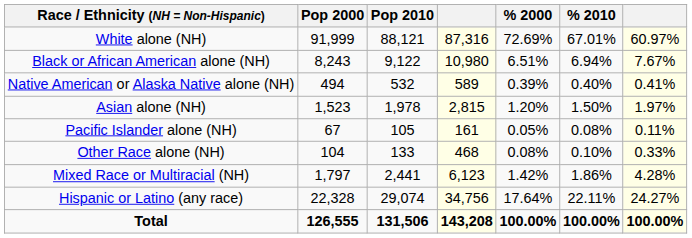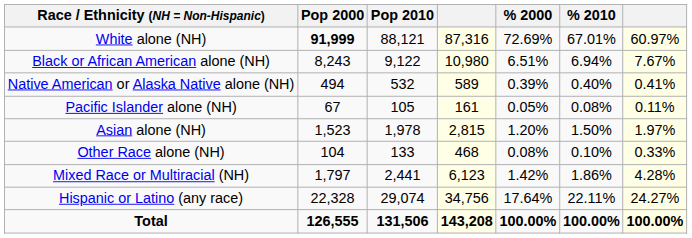 <table class="wikitable" style="text-align:center;">
 <tr>
 <th>Race / Ethnicity <small>(<em>NH = Non-Hispanic</em>)</small></th>
 <th>Pop 2000</th>
 <th>Pop 2010</th>
 <th></th>
 <th>% 2000</th>
 <th>% 2010</th>
 <th></th>
 </tr>
 <tr>
 <td><a href='#'>White</a> alone (NH)</td>
-<td>91,999</td>
+<td><strong>91,999</strong></td>
 <td>88,121</td>
 <td style='background: #ffffe6;'>87,316</td>
 <td>72.69%</td>
 <td>67.01%</td>
 <td style='background: #ffffe6;'>60.97%</td>
 </tr>
 <tr>
 <td><a href='#'>Black or African American</a> alone (NH)</td>
 <td>8,243</td>
 <td>9,122</td>
 <td style='background: #ffffe6;'>10,980</td>
 <td>6.51%</td>
 <td>6.94%</td>
 <td style='background: #ffffe6;'>7.67%</td>
 </tr>
 <tr>
 <td><a href='#'>Native American</a> or <a href='#'>Alaska Native</a> alone (NH)</td>
 <td>494</td>
 <td>532</td>
 <td style='background: #ffffe6;'>589</td>
 <td>0.39%</td>
 <td>0.40%</td>
 <td style='background: #ffffe6;'>0.41%</td>
 </tr>
 <tr>
+<td><a href='#'>Pacific Islander</a> alone (NH)</td>
+<td>67</td>
+<td>105</td>
+<td style='background: #ffffe6;'>161</td>
+<td>0.05%</td>
+<td>0.08%</td>
+<td style='background: #ffffe6;'>0.11%</td>
+</tr>
+<tr>
 <td><a href='#'>Asian</a> alone (NH)</td>
 <td>1,523</td>
 <td>1,978</td>
 <td style='background: #ffffe6;'>2,815</td>
 <td>1.20%</td>
 <td>1.50%</td>
 <td style='background: #ffffe6;'>1.97%</td>
-</tr>
-<tr>
-<td><a href='#'>Pacific Islander</a> alone (NH)</td>
-<td>67</td>
-<td>105</td>
-<td style='background: #ffffe6;'>161</td>
-<td>0.05%</td>
-<td>0.08%</td>
-<td style='background: #ffffe6;'>0.11%</td>
 </tr>
 <tr>
 <td><a href='#'>Other Race</a> alone (NH)</td>
 <td>104</td>
 <td>133</td>
 <td style='background: #ffffe6;'>468</td>
 <td>0.08%</td>
 <td>0.10%</td>
 <td style='background: #ffffe6;'>0.33%</td>
 </tr>
 <tr>
 <td><a href='#'>Mixed Race or Multiracial</a> (NH)</td>
 <td>1,797</td>
 <td>2,441</td>
 <td style='background: #ffffe6;'>6,123</td>
 <td>1.42%</td>
 <td>1.86%</td>
 <td style='background: #ffffe6;'>4.28%</td>
 </tr>
 <tr>
 <td><a href='#'>Hispanic or Latino</a> (any race)</td>
 <td>22,328</td>
 <td>29,074</td>
 <td style='background: #ffffe6;'>34,756</td>
 <td>17.64%</td>
 <td>22.11%</td>
 <td style='background: #ffffe6;'>24.27%</td>
 </tr>
 <tr>
 <td><strong>Total</strong></td>
 <td><strong>126,555</strong></td>
 <td><strong>131,506</strong></td>
 <td style='background: #ffffe6;'><strong>143,208</strong></td>
 <td><strong>100.00%</strong></td>
 <td><strong>100.00%</strong></td>
 <td style='background: #ffffe6;'><strong>100.00%</strong></td>
 </tr>
 </table>
